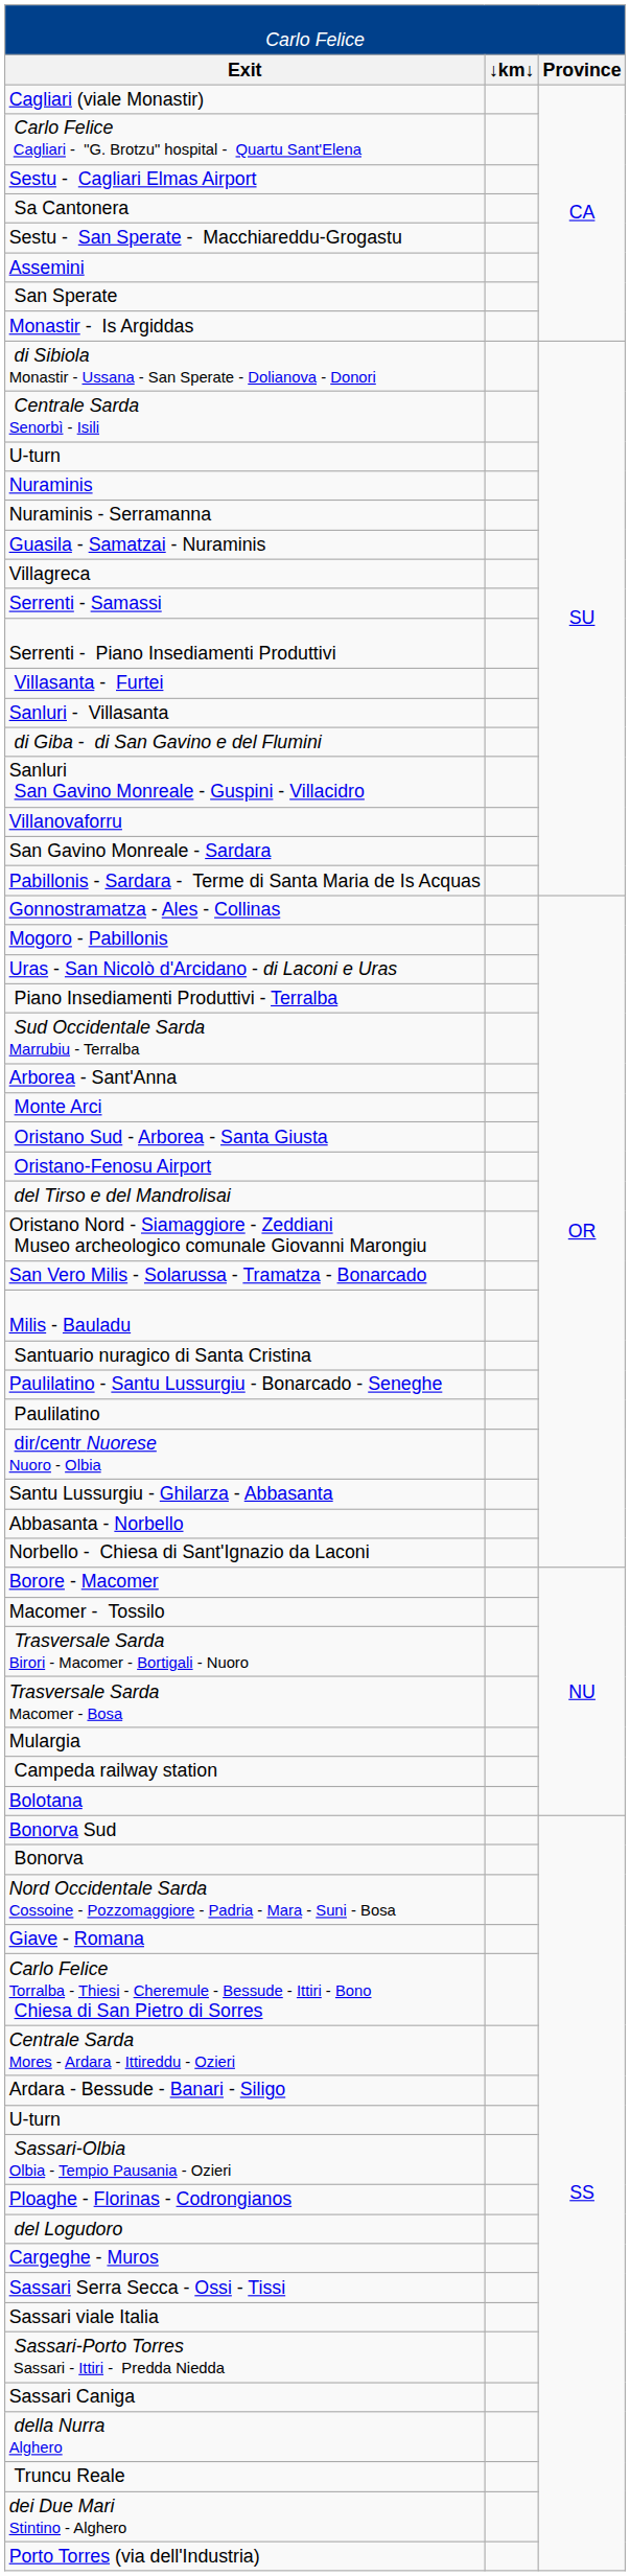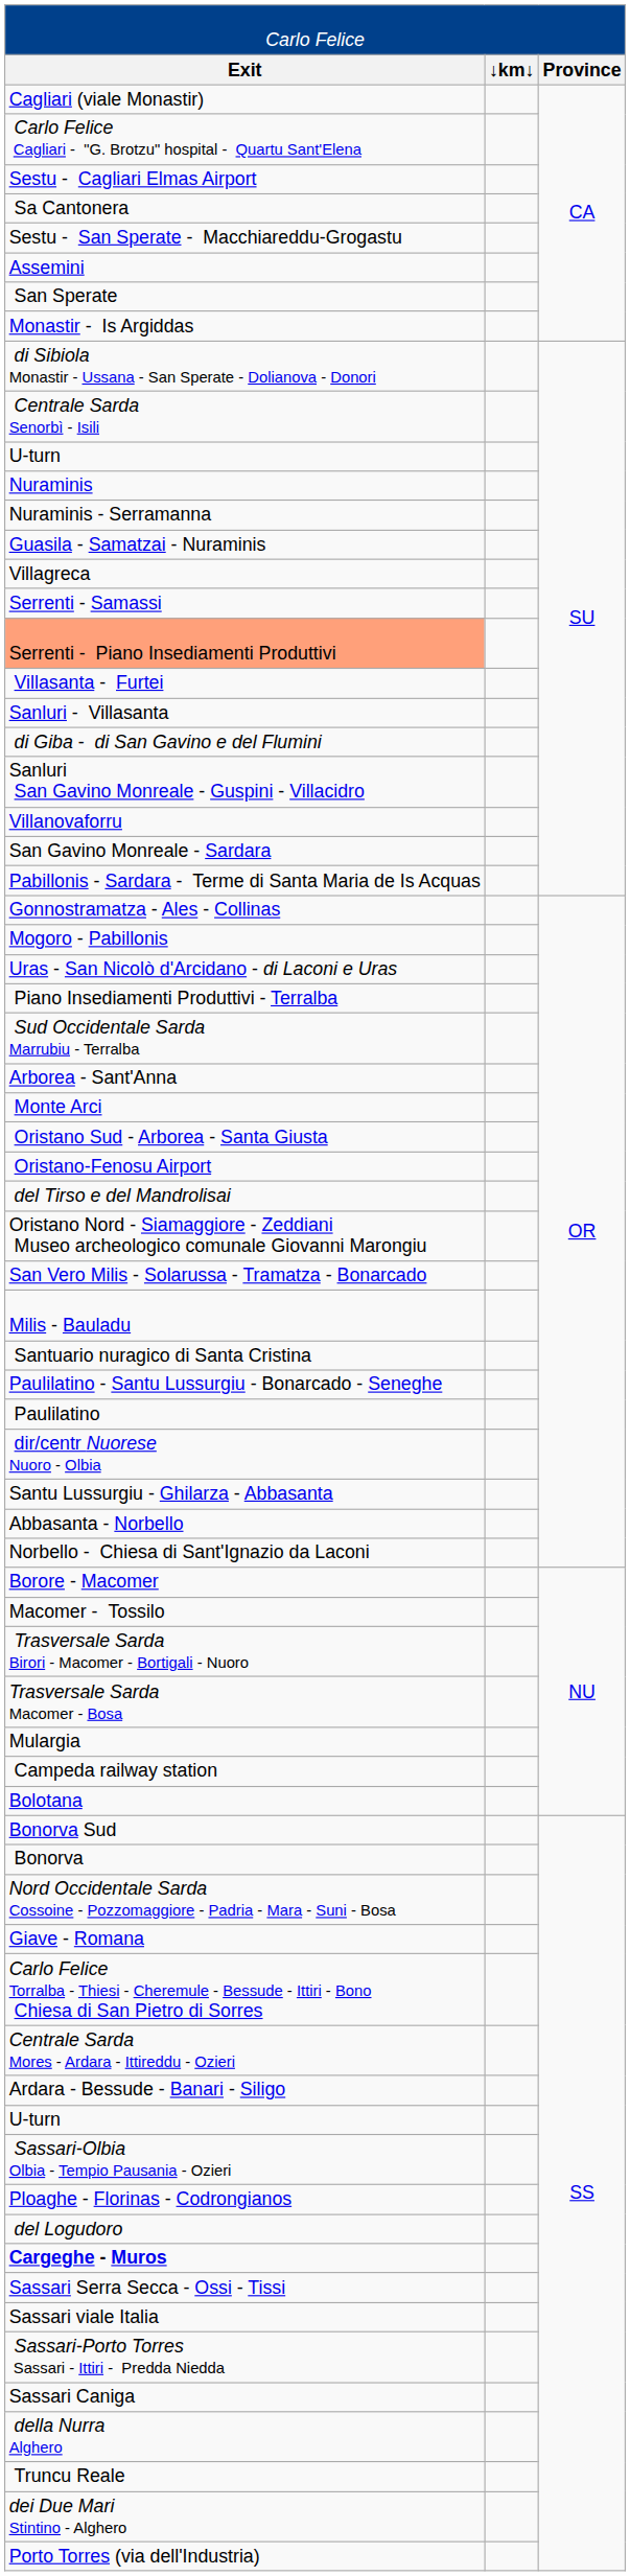 <table class="wikitable">
 <tr align="center" bgcolor="00408B" style="color: white;font-size:100%;">
 <td colspan="3"><br><em>Carlo Felice</em><br></td>
 </tr>
 <tr>
 <th>Exit</th>
 <th>↓km↓</th>
 <th>Province</th>
 </tr>
 <tr>
 <td> <a href='#'>Cagliari</a> (viale Monastir)</td>
 <td></td>
 <td rowspan="8" align="center"><a href='#'>CA</a></td>
 </tr>
 <tr>
 <td>  <em>Carlo Felice</em><br><small> <a href='#'>Cagliari</a> -  "G. Brotzu" hospital -  <a href='#'>Quartu Sant'Elena</a></small></td>
 <td></td>
 </tr>
 <tr>
 <td> <a href='#'>Sestu</a> -  <a href='#'>Cagliari Elmas Airport</a></td>
 <td></td>
 </tr>
 <tr>
 <td>  Sa Cantonera</td>
 <td></td>
 </tr>
 <tr>
 <td> Sestu -  <a href='#'>San Sperate</a> -  Macchiareddu-Grogastu</td>
 <td></td>
 </tr>
 <tr>
 <td> <a href='#'>Assemini</a></td>
 <td></td>
 </tr>
 <tr>
 <td>  San Sperate</td>
 <td></td>
 </tr>
 <tr>
 <td> <a href='#'>Monastir</a> -  Is Argiddas</td>
 <td></td>
 </tr>
 <tr>
 <td>  <em>di Sibiola</em><br><small>Monastir - <a href='#'>Ussana</a> - San Sperate - <a href='#'>Dolianova</a> - <a href='#'>Donori</a></small></td>
 <td></td>
 <td rowspan="16" align="center"><a href='#'>SU</a></td>
 </tr>
 <tr>
 <td>  <em>Centrale Sarda</em><br><small><a href='#'>Senorbì</a> - <a href='#'>Isili</a></small></td>
 <td></td>
 </tr>
 <tr>
 <td> U-turn</td>
 <td></td>
 </tr>
 <tr>
 <td> <a href='#'>Nuraminis</a></td>
 <td></td>
 </tr>
 <tr>
 <td> Nuraminis - Serramanna</td>
 <td></td>
 </tr>
 <tr>
 <td> <a href='#'>Guasila</a> - <a href='#'>Samatzai</a> - Nuraminis</td>
 <td></td>
 </tr>
 <tr>
 <td> Villagreca</td>
 <td></td>
 </tr>
 <tr>
 <td> <a href='#'>Serrenti</a> - <a href='#'>Samassi</a></td>
 <td></td>
 </tr>
 <tr>
-<td><br> Serrenti -  Piano Insediamenti Produttivi</td>
+<td style="background: lightsalmon;"><br> Serrenti -  Piano Insediamenti Produttivi</td>
 <td></td>
 </tr>
 <tr>
 <td>  <a href='#'>Villasanta</a> -  <a href='#'>Furtei</a></td>
 <td></td>
 </tr>
 <tr>
 <td> <a href='#'>Sanluri</a> -  Villasanta</td>
 <td></td>
 </tr>
 <tr>
 <td>  <em>di Giba</em> -  <em>di San Gavino e del Flumini</em></td>
 <td></td>
 </tr>
 <tr>
 <td> Sanluri<br> <a href='#'>San Gavino Monreale</a> - <a href='#'>Guspini</a> - <a href='#'>Villacidro</a></td>
 <td></td>
 </tr>
 <tr>
 <td> <a href='#'>Villanovaforru</a></td>
 <td></td>
 </tr>
 <tr>
 <td> San Gavino Monreale - <a href='#'>Sardara</a></td>
 <td></td>
 </tr>
 <tr>
 <td> <a href='#'>Pabillonis</a> - <a href='#'>Sardara</a> -  Terme di Santa Maria de Is Acquas</td>
 <td></td>
 </tr>
 <tr>
 <td> <a href='#'>Gonnostramatza</a> - <a href='#'>Ales</a> - <a href='#'>Collinas</a></td>
 <td></td>
 <td rowspan="20" align="center"><a href='#'>OR</a></td>
 </tr>
 <tr>
 <td> <a href='#'>Mogoro</a> - <a href='#'>Pabillonis</a></td>
 <td></td>
 </tr>
 <tr>
 <td> <a href='#'>Uras</a> -  <a href='#'>San Nicolò d'Arcidano</a> -  <em>di Laconi e Uras</em></td>
 <td></td>
 </tr>
 <tr>
 <td>  Piano Insediamenti Produttivi -  <a href='#'>Terralba</a></td>
 <td></td>
 </tr>
 <tr>
 <td>  <em>Sud Occidentale Sarda</em><br><small><a href='#'>Marrubiu</a> - Terralba</small></td>
 <td></td>
 </tr>
 <tr>
 <td> <a href='#'>Arborea</a> - Sant'Anna</td>
 <td></td>
 </tr>
 <tr>
 <td>  <a href='#'>Monte Arci</a></td>
 <td></td>
 </tr>
 <tr>
 <td>  <a href='#'>Oristano Sud</a> - <a href='#'>Arborea</a> - <a href='#'>Santa Giusta</a></td>
 <td></td>
 </tr>
 <tr>
 <td>  <a href='#'>Oristano-Fenosu Airport</a></td>
 <td></td>
 </tr>
 <tr>
 <td>  <em>del Tirso e del Mandrolisai</em></td>
 <td></td>
 </tr>
 <tr>
 <td> Oristano Nord - <a href='#'>Siamaggiore</a> - <a href='#'>Zeddiani</a><br> Museo archeologico comunale Giovanni Marongiu</td>
 <td></td>
 </tr>
 <tr>
 <td> <a href='#'>San Vero Milis</a> - <a href='#'>Solarussa</a> - <a href='#'>Tramatza</a> - <a href='#'>Bonarcado</a></td>
 <td></td>
 </tr>
 <tr>
 <td><br> <a href='#'>Milis</a> - <a href='#'>Bauladu</a></td>
 <td></td>
 </tr>
 <tr>
 <td>  Santuario nuragico di Santa Cristina</td>
 <td></td>
 </tr>
 <tr>
 <td> <a href='#'>Paulilatino</a> - <a href='#'>Santu Lussurgiu</a> - Bonarcado - <a href='#'>Seneghe</a></td>
 <td></td>
 </tr>
 <tr>
 <td> Paulilatino</td>
 <td></td>
 </tr>
 <tr>
 <td>  <a href='#'>dir/centr <em>Nuorese</em></a><br><small><a href='#'>Nuoro</a> - <a href='#'>Olbia</a></small></td>
 <td></td>
 </tr>
 <tr>
 <td> Santu Lussurgiu - <a href='#'>Ghilarza</a> - <a href='#'>Abbasanta</a></td>
 <td></td>
 </tr>
 <tr>
 <td> Abbasanta - <a href='#'>Norbello</a></td>
 <td></td>
 </tr>
 <tr>
 <td> Norbello -  Chiesa di Sant'Ignazio da Laconi</td>
 <td></td>
 </tr>
 <tr>
 <td> <a href='#'>Borore</a> - <a href='#'>Macomer</a></td>
 <td></td>
 <td rowspan="7" align="center"><a href='#'>NU</a></td>
 </tr>
 <tr>
 <td> Macomer -  Tossilo</td>
 <td></td>
 </tr>
 <tr>
 <td>  <em>Trasversale Sarda</em><br><small><a href='#'>Birori</a> - Macomer - <a href='#'>Bortigali</a> - Nuoro</small></td>
 <td></td>
 </tr>
 <tr>
 <td>  <em>Trasversale Sarda</em><br><small>Macomer - <a href='#'>Bosa</a></small></td>
 <td></td>
 </tr>
 <tr>
 <td> Mulargia</td>
 <td></td>
 </tr>
 <tr>
 <td>  Campeda railway station</td>
 <td></td>
 </tr>
 <tr>
 <td> <a href='#'>Bolotana</a></td>
 <td></td>
 </tr>
 <tr>
 <td> <a href='#'>Bonorva</a> Sud</td>
 <td></td>
 <td rowspan="20" align="center"><a href='#'>SS</a></td>
 </tr>
 <tr>
 <td>  Bonorva</td>
 <td></td>
 </tr>
 <tr>
 <td>  <em>Nord Occidentale Sarda</em><br><small><a href='#'>Cossoine</a> - <a href='#'>Pozzomaggiore</a> - <a href='#'>Padria</a> - <a href='#'>Mara</a> - <a href='#'>Suni</a> - Bosa</small></td>
 <td></td>
 </tr>
 <tr>
 <td> <a href='#'>Giave</a> - <a href='#'>Romana</a></td>
 <td></td>
 </tr>
 <tr>
 <td> <small></small> <em>Carlo Felice</em><br><small><a href='#'>Torralba</a> - <a href='#'>Thiesi</a> - <a href='#'>Cheremule</a> - <a href='#'>Bessude</a> - <a href='#'>Ittiri</a> - <a href='#'>Bono</a></small><br> <a href='#'>Chiesa di San Pietro di Sorres</a></td>
 <td></td>
 </tr>
 <tr>
 <td> <small></small> <em>Centrale Sarda</em><br><small><a href='#'>Mores</a> - <a href='#'>Ardara</a> - <a href='#'>Ittireddu</a> - <a href='#'>Ozieri</a></small></td>
 <td></td>
 </tr>
 <tr>
 <td> Ardara - Bessude - <a href='#'>Banari</a> - <a href='#'>Siligo</a></td>
 <td></td>
 </tr>
 <tr>
 <td> U-turn</td>
 <td></td>
 </tr>
 <tr>
 <td>  <em>Sassari-Olbia<br></em><small><a href='#'>Olbia</a> - <a href='#'>Tempio Pausania</a> - Ozieri</small></td>
 <td></td>
 </tr>
 <tr>
 <td> <a href='#'>Ploaghe</a> - <a href='#'>Florinas</a> - <a href='#'>Codrongianos</a></td>
 <td></td>
 </tr>
 <tr>
 <td>  <em>del Logudoro</em></td>
 <td></td>
 </tr>
 <tr>
-<td> <a href='#'>Cargeghe</a> - <a href='#'>Muros</a></td>
+<td><strong> <a href='#'>Cargeghe</a> - <a href='#'>Muros</a></strong></td>
 <td></td>
 </tr>
 <tr>
 <td> <a href='#'>Sassari</a> Serra Secca - <a href='#'>Ossi</a> - <a href='#'>Tissi</a></td>
 <td></td>
 </tr>
 <tr>
 <td> Sassari viale Italia</td>
 <td></td>
 </tr>
 <tr>
 <td>  <em>Sassari-Porto Torres</em><br><small> Sassari -  <a href='#'>Ittiri</a> -  Predda Niedda</small></td>
 <td></td>
 </tr>
 <tr>
 <td> Sassari Caniga</td>
 <td></td>
 </tr>
 <tr>
 <td>  <em>della Nurra<br></em><small><a href='#'>Alghero</a></small></td>
 <td></td>
 </tr>
 <tr>
 <td>  Truncu Reale</td>
 <td></td>
 </tr>
 <tr>
 <td>  <em>dei Due Mari</em><br><small><a href='#'>Stintino</a> - Alghero</small></td>
 <td></td>
 </tr>
 <tr>
 <td> <a href='#'>Porto Torres</a> (via dell'Industria)</td>
 <td></td>
 </tr>
 </table>
